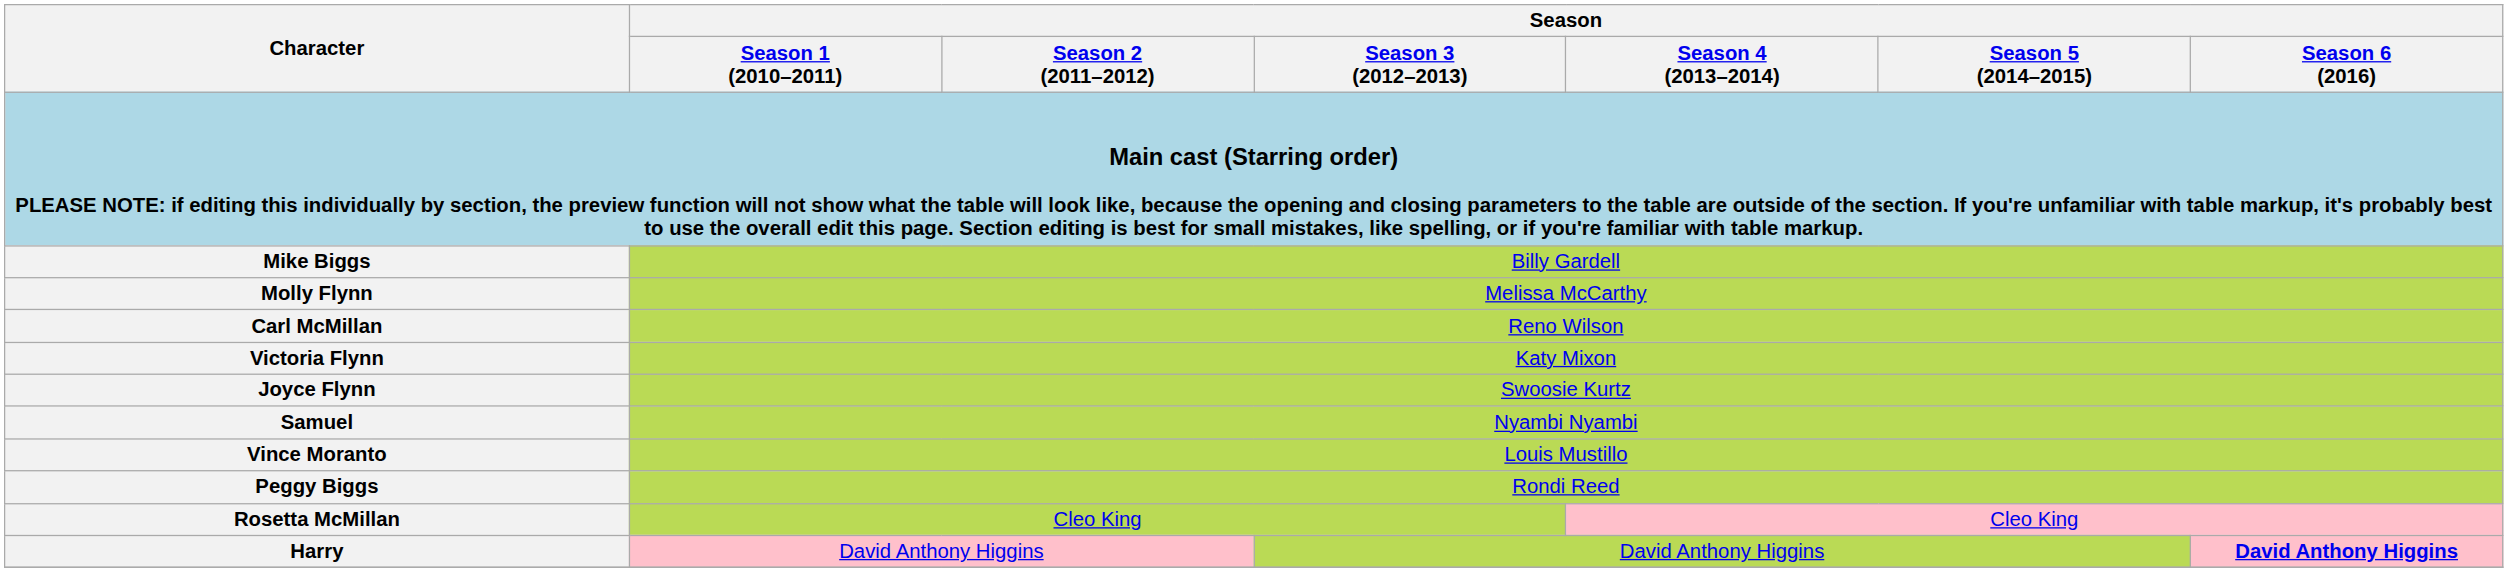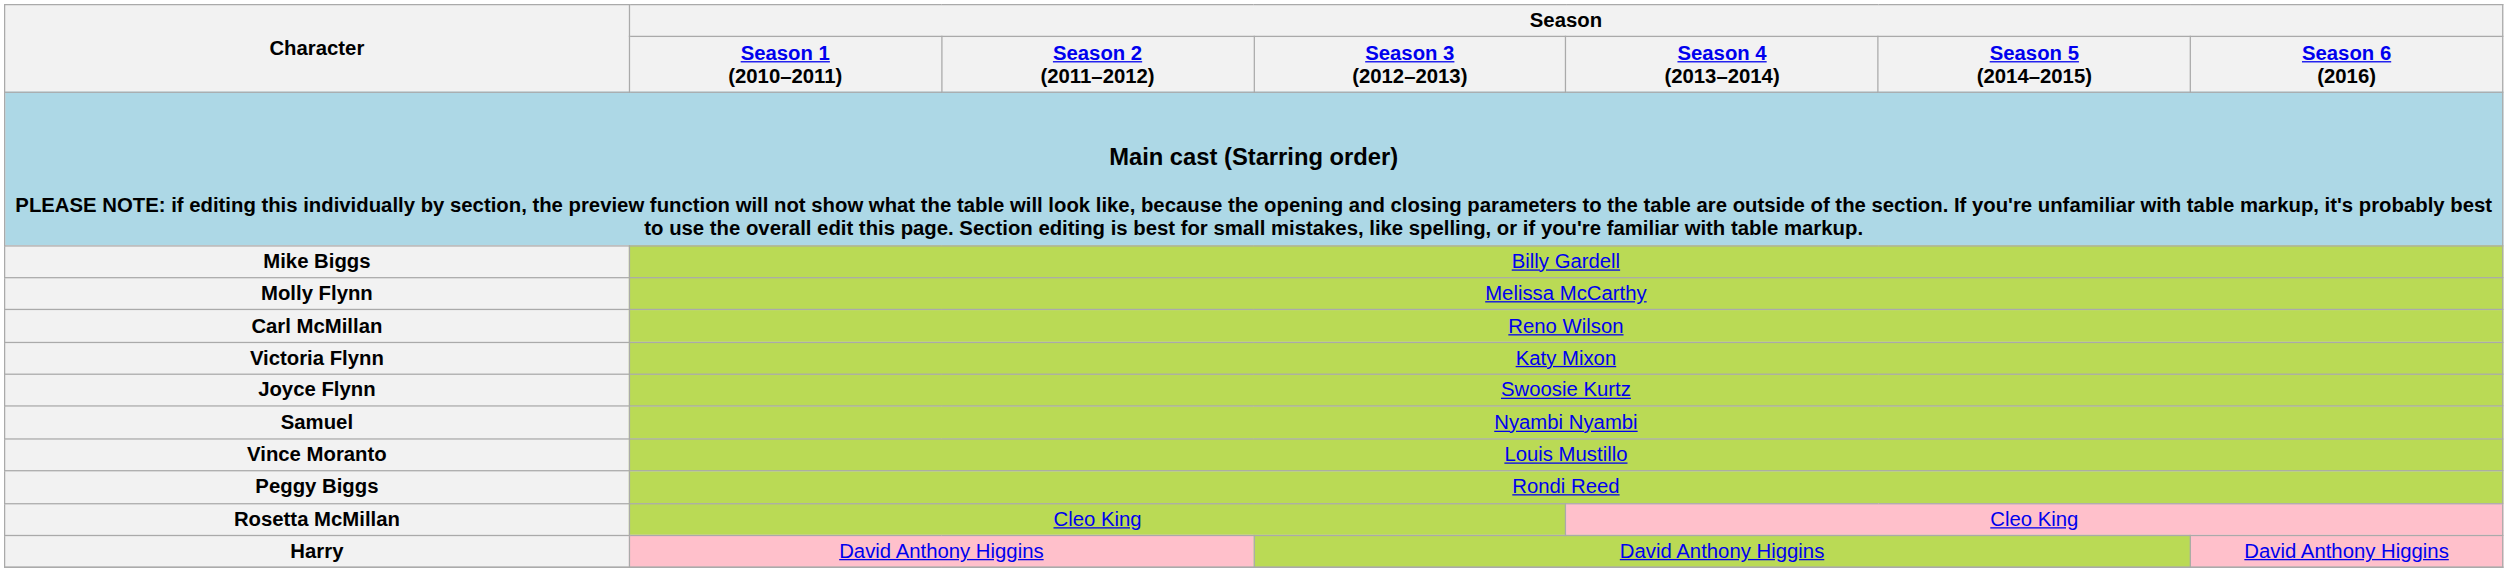 <table class="wikitable" style="text-align:center">
 <tr>
 <th rowspan="2" width="16%">Character</th>
 <th colspan="6" align="center">Season</th>
 </tr>
 <tr>
 <th align="center" width="8%"><a href='#'>Season 1</a><br>(2010–2011)</th>
 <th align="center" width="8%"><a href='#'>Season 2</a><br>(2011–2012)</th>
 <th align="center" width="8%"><a href='#'>Season 3</a><br>(2012–2013)</th>
 <th align="center" width="8%"><a href='#'>Season 4</a><br>(2013–2014)</th>
 <th align="center" width="8%"><a href='#'>Season 5</a><br>(2014–2015)</th>
 <th align="center" width="8%"><a href='#'>Season 6</a><br>(2016)</th>
 </tr>
 <tr>
 <th colspan="10" style="background-color:lightblue;"><br><h3>Main cast (Starring order)</h3>PLEASE NOTE: if editing this individually by section, the preview function will not show what the table will look like, because the opening and closing parameters to the table are outside of the section. If you're unfamiliar with table markup, it's probably best to use the overall edit this page. Section editing is best for small mistakes, like spelling, or if you're familiar with table markup.</th>
 </tr>
 <tr>
 <th>Mike Biggs</th>
 <td colspan="6" style="background-color:#BADA55;"><a href='#'><span>Billy Gardell</span></a></td>
 </tr>
 <tr>
 <th>Molly Flynn</th>
 <td colspan="6" style="background-color:#BADA55;"><a href='#'><span>Melissa McCarthy</span></a></td>
 </tr>
 <tr>
 <th>Carl McMillan</th>
 <td colspan="6" style="background-color:#BADA55;"><a href='#'><span>Reno Wilson</span></a></td>
 </tr>
 <tr>
 <th>Victoria Flynn</th>
 <td colspan="6" style="background-color:#BADA55;"><a href='#'><span>Katy Mixon</span></a></td>
 </tr>
 <tr>
 <th>Joyce Flynn</th>
 <td colspan="6" style="background-color:#BADA55;"><a href='#'><span>Swoosie Kurtz</span></a></td>
 </tr>
 <tr>
 <th>Samuel</th>
 <td colspan="6" style="background-color:#BADA55;"><a href='#'><span>Nyambi Nyambi</span></a></td>
 </tr>
 <tr>
 <th>Vince Moranto</th>
 <td colspan="6" style="background-color:#BADA55;"><a href='#'><span>Louis Mustillo</span></a></td>
 </tr>
 <tr>
 <th>Peggy Biggs</th>
 <td colspan="6" style="background-color:#BADA55;"><a href='#'><span>Rondi Reed</span></a></td>
 </tr>
 <tr>
 <th>Rosetta McMillan</th>
 <td colspan="3" style="background-color:#BADA55;"><a href='#'><span>Cleo King</span></a></td>
 <td colspan="3" style="background-color:pink;"><a href='#'><span>Cleo King</span></a></td>
 </tr>
 <tr>
 <th>Harry</th>
 <td colspan="2" style="background-color:pink;"><a href='#'><span>David Anthony Higgins</span></a></td>
 <td colspan="3" style="background-color:#BADA55;"><a href='#'><span>David Anthony Higgins</span></a></td>
-<td colspan="1" style="background-color:pink;"><strong><a href='#'><span>David Anthony Higgins</span></a></strong></td>
+<td colspan="1" style="background-color:pink;"><a href='#'><span>David Anthony Higgins</span></a></td>
 </tr>
 <tr>
 </tr>
 </table>
